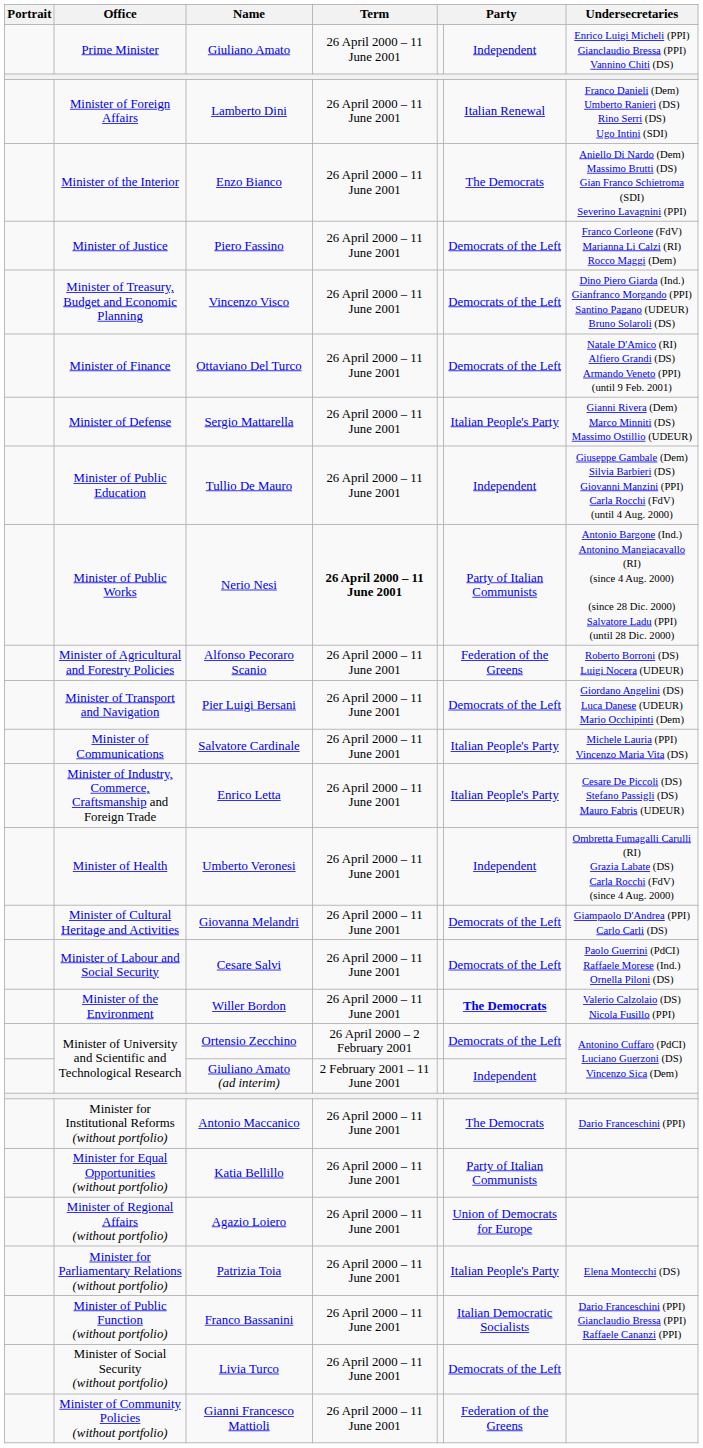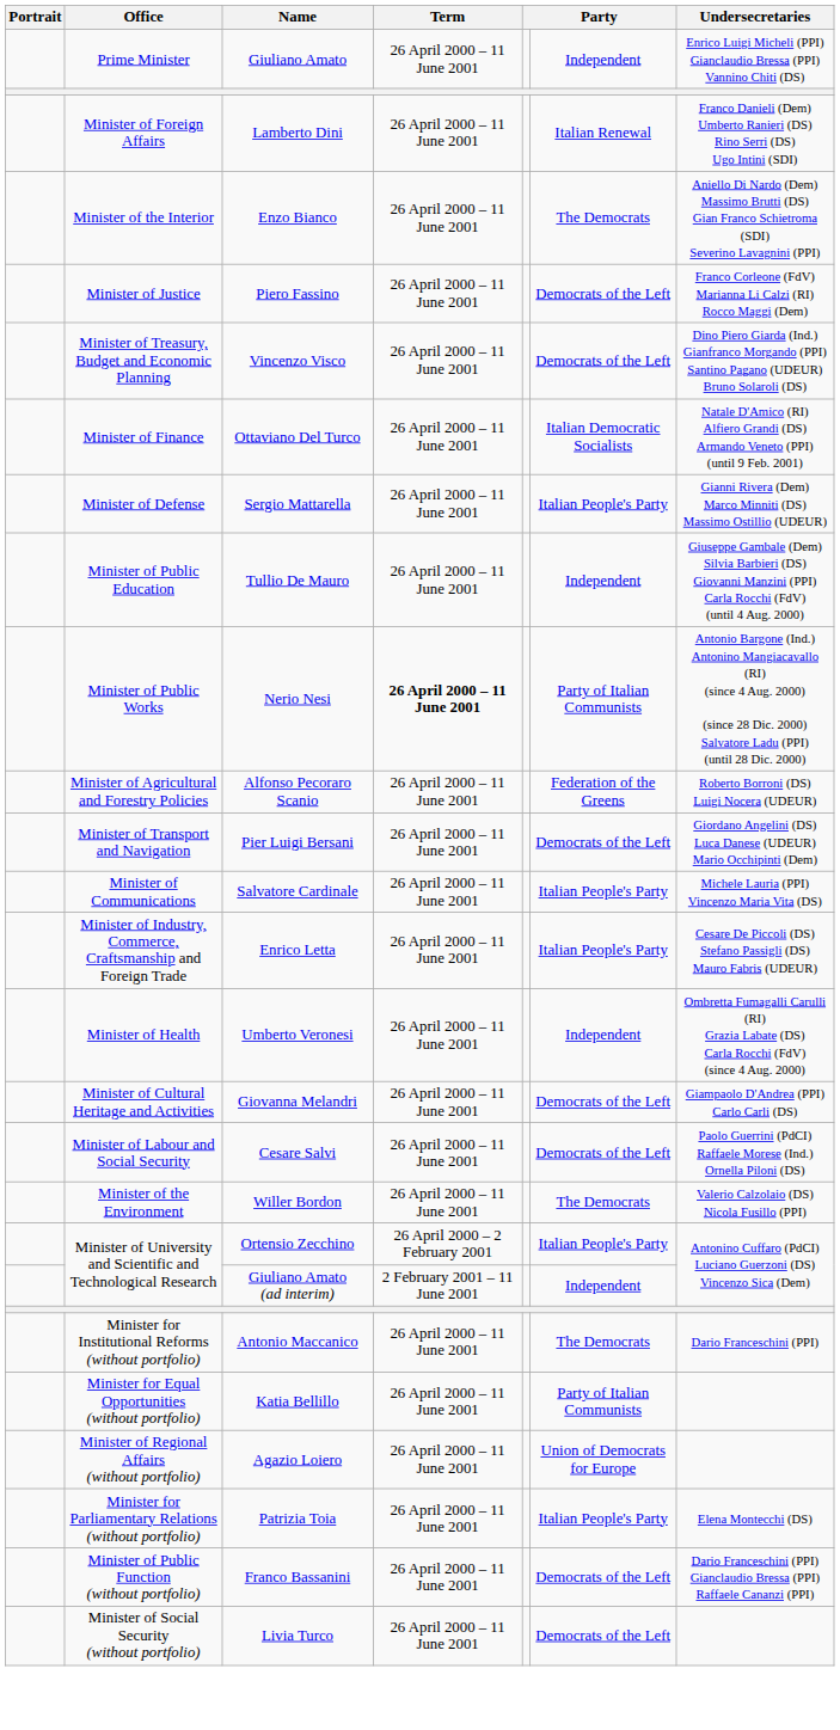 <table class="wikitable" style="text-align:center;">
 <tr>
 <th>Portrait</th>
 <th width=20%>Office</th>
 <th width=20%>Name</th>
 <th width=20%>Term</th>
 <th width=20% colspan=2>Party</th>
 <th width=20%>Undersecretaries</th>
 </tr>
 <tr>
 <td></td>
 <td><a href='#'>Prime Minister</a></td>
 <td><a href='#'>Giuliano Amato</a></td>
 <td>26 April 2000 – 11 June 2001</td>
 <td style="width:1%; background:"></td>
 <td><a href='#'>Independent</a></td>
 <td><small><a href='#'>Enrico Luigi Micheli</a> (PPI) <br><a href='#'>Gianclaudio Bressa</a> (PPI)<br> <a href='#'>Vannino Chiti</a> (DS)</small></td>
 </tr>
 <tr>
 <th colspan="7"></th>
 </tr>
 <tr>
 <td></td>
 <td><a href='#'>Minister of Foreign Affairs</a></td>
 <td><a href='#'>Lamberto Dini</a></td>
 <td>26 April 2000 – 11 June 2001</td>
 <td style="width:1%; background:"></td>
 <td><a href='#'>Italian Renewal</a></td>
 <td><small><a href='#'>Franco Danieli</a> (Dem)<br> <a href='#'>Umberto Ranieri</a> (DS)<br> <a href='#'>Rino Serri</a> (DS)<br> <a href='#'>Ugo Intini</a> (SDI)</small></td>
 </tr>
 <tr>
 <td></td>
 <td><a href='#'>Minister of the Interior</a></td>
 <td><a href='#'>Enzo Bianco</a></td>
 <td>26 April 2000 – 11 June 2001</td>
 <td style="width:1%; background:"></td>
 <td><a href='#'>The Democrats</a></td>
 <td><small><a href='#'>Aniello Di Nardo</a> (Dem)<br> <a href='#'>Massimo Brutti</a> (DS)<br> <a href='#'>Gian Franco Schietroma</a> (SDI)<br> <a href='#'>Severino Lavagnini</a> (PPI)</small></td>
 </tr>
 <tr>
 <td></td>
 <td><a href='#'>Minister of Justice</a></td>
 <td><a href='#'>Piero Fassino</a></td>
 <td>26 April 2000 – 11 June 2001</td>
 <td style="width:1%; background:"></td>
 <td><a href='#'>Democrats of the Left</a></td>
 <td><small><a href='#'>Franco Corleone</a> (FdV)<br> <a href='#'>Marianna Li Calzi</a> (RI)<br> <a href='#'>Rocco Maggi</a> (Dem)</small></td>
 </tr>
 <tr>
 <td></td>
 <td><a href='#'>Minister of Treasury, Budget and Economic Planning</a></td>
 <td><a href='#'>Vincenzo Visco</a></td>
 <td>26 April 2000 – 11 June 2001</td>
 <td style="width:1%; background:"></td>
 <td><a href='#'>Democrats of the Left</a></td>
 <td><small><a href='#'>Dino Piero Giarda</a> (Ind.)<br> <a href='#'>Gianfranco Morgando</a> (PPI)<br> <a href='#'>Santino Pagano</a> (UDEUR)<br> <a href='#'>Bruno Solaroli</a> (DS)</small></td>
 </tr>
 <tr>
 <td></td>
 <td><a href='#'>Minister of Finance</a></td>
 <td><a href='#'>Ottaviano Del Turco</a></td>
 <td>26 April 2000 – 11 June 2001</td>
 <td style="width:1%; background:"></td>
-<td><a href='#'>Democrats of the Left</a></td>
+<td><a href='#'>Italian Democratic Socialists</a></td>
 <td><small><a href='#'>Natale D'Amico</a> (RI)<br> <a href='#'>Alfiero Grandi</a> (DS)<br> <a href='#'>Armando Veneto</a> (PPI)<br>(until 9 Feb. 2001)</small></td>
 </tr>
 <tr>
 <td></td>
 <td><a href='#'>Minister of Defense</a></td>
 <td><a href='#'>Sergio Mattarella</a></td>
 <td>26 April 2000 – 11 June 2001</td>
 <td style="width:1%; background:"></td>
 <td><a href='#'>Italian People's Party</a></td>
 <td><small><a href='#'>Gianni Rivera</a> (Dem)<br> <a href='#'>Marco Minniti</a> (DS)<br> <a href='#'>Massimo Ostillio</a> (UDEUR)</small></td>
 </tr>
 <tr>
 <td></td>
 <td><a href='#'>Minister of Public Education</a></td>
 <td><a href='#'>Tullio De Mauro</a></td>
 <td>26 April 2000 – 11 June 2001</td>
 <td style="width:1%; background:"></td>
 <td><a href='#'>Independent</a></td>
 <td><small><a href='#'>Giuseppe Gambale</a> (Dem)<br> <a href='#'>Silvia Barbieri</a> (DS)<br> <a href='#'>Giovanni Manzini</a> (PPI)<br> <a href='#'>Carla Rocchi</a> (FdV)<br>(until 4 Aug. 2000)</small></td>
 </tr>
 <tr>
 <td></td>
 <td><a href='#'>Minister of Public Works</a></td>
 <td><a href='#'>Nerio Nesi</a></td>
 <td><strong>26 April 2000 – 11 June 2001</strong></td>
 <td style="width:1%; background:"></td>
 <td><a href='#'>Party of Italian Communists</a></td>
 <td><small><a href='#'>Antonio Bargone</a> (Ind.)<br> <a href='#'>Antonino Mangiacavallo</a> (RI)<br>(since 4 Aug. 2000)<br> <br>(since 28 Dic. 2000)<br> <a href='#'>Salvatore Ladu</a> (PPI)<br>(until 28 Dic. 2000)</small></td>
 </tr>
 <tr>
 <td></td>
 <td><a href='#'>Minister of Agricultural and Forestry Policies</a></td>
 <td><a href='#'>Alfonso Pecoraro Scanio</a></td>
 <td>26 April 2000 – 11 June 2001</td>
 <td style="width:1%; background:"></td>
 <td><a href='#'>Federation of the Greens</a></td>
 <td><small><a href='#'>Roberto Borroni</a> (DS)<br> <a href='#'>Luigi Nocera</a> (UDEUR)</small></td>
 </tr>
 <tr>
 <td></td>
 <td><a href='#'>Minister of Transport and Navigation</a></td>
 <td><a href='#'>Pier Luigi Bersani</a></td>
 <td>26 April 2000 – 11 June 2001</td>
 <td style="width:1%; background:"></td>
 <td><a href='#'>Democrats of the Left</a></td>
 <td><small><a href='#'>Giordano Angelini</a> (DS)<br> <a href='#'>Luca Danese</a> (UDEUR)<br> <a href='#'>Mario Occhipinti</a> (Dem)</small></td>
 </tr>
 <tr>
 <td></td>
 <td><a href='#'>Minister of Communications</a></td>
 <td><a href='#'>Salvatore Cardinale</a></td>
 <td>26 April 2000 – 11 June 2001</td>
 <td style="width:1%; background:"></td>
 <td><a href='#'>Italian People's Party</a></td>
 <td><small><a href='#'>Michele Lauria</a> (PPI)<br> <a href='#'>Vincenzo Maria Vita</a> (DS)</small></td>
 </tr>
 <tr>
 <td></td>
 <td><a href='#'>Minister of  Industry, Commerce, Craftsmanship</a> and Foreign Trade</td>
 <td><a href='#'>Enrico Letta</a></td>
 <td>26 April 2000 – 11 June 2001</td>
 <td style="width:1%; background:"></td>
 <td><a href='#'>Italian People's Party</a></td>
 <td><small><a href='#'>Cesare De Piccoli</a> (DS)<br> <a href='#'>Stefano Passigli</a> (DS)<br> <a href='#'>Mauro Fabris</a> (UDEUR)</small></td>
 </tr>
 <tr>
 <td></td>
 <td><a href='#'>Minister of Health</a></td>
 <td><a href='#'>Umberto Veronesi</a></td>
 <td>26 April 2000 – 11 June 2001</td>
 <td style="width:1%; background:"></td>
 <td><a href='#'>Independent</a></td>
 <td><small><a href='#'>Ombretta Fumagalli Carulli</a> (RI)<br> <a href='#'>Grazia Labate</a> (DS)<br> <a href='#'>Carla Rocchi</a> (FdV)<br>(since 4 Aug. 2000)</small></td>
 </tr>
 <tr>
 <td></td>
 <td><a href='#'>Minister of Cultural Heritage and Activities</a></td>
 <td><a href='#'>Giovanna Melandri</a></td>
 <td>26 April 2000 – 11 June 2001</td>
 <td style="width:1%; background:"></td>
 <td><a href='#'>Democrats of the Left</a></td>
 <td><small><a href='#'>Giampaolo D'Andrea</a> (PPI)<br> <a href='#'>Carlo Carli</a> (DS)</small></td>
 </tr>
 <tr>
 <td></td>
 <td><a href='#'>Minister of Labour and Social Security</a></td>
 <td><a href='#'>Cesare Salvi</a></td>
 <td>26 April 2000 – 11 June 2001</td>
 <td style="width:1%; background:"></td>
 <td><a href='#'>Democrats of the Left</a></td>
 <td><small><a href='#'>Paolo Guerrini</a> (PdCI)<br> <a href='#'>Raffaele Morese</a> (Ind.)<br> <a href='#'>Ornella Piloni</a> (DS)</small></td>
 </tr>
 <tr>
 <td></td>
 <td><a href='#'>Minister of the Environment</a></td>
 <td><a href='#'>Willer Bordon</a></td>
 <td>26 April 2000 – 11 June 2001</td>
 <td style="width:1%; background:"></td>
-<td><strong><a href='#'>The Democrats</a></strong></td>
+<td><a href='#'>The Democrats</a></td>
 <td><small><a href='#'>Valerio Calzolaio</a> (DS)<br> <a href='#'>Nicola Fusillo</a> (PPI)</small></td>
 </tr>
 <tr>
 <td></td>
 <td rowspan=2>Minister of University and Scientific and Technological Research</td>
 <td><a href='#'>Ortensio Zecchino</a></td>
 <td>26 April 2000 – 2 February 2001</td>
 <td style="width:1%; background:"></td>
-<td><a href='#'>Democrats of the Left</a></td>
+<td><a href='#'>Italian People's Party</a></td>
 <td rowspan=2><small><a href='#'>Antonino Cuffaro</a> (PdCI)<br> <a href='#'>Luciano Guerzoni</a> (DS)<br> <a href='#'>Vincenzo Sica</a> (Dem)</small></td>
 </tr>
 <tr>
 <td></td>
 <td><a href='#'>Giuliano Amato</a><br><em>(ad interim)</em></td>
 <td>2 February 2001 – 11 June 2001</td>
 <td style="width:1%; background:"></td>
 <td><a href='#'>Independent</a></td>
 </tr>
 <tr>
 <th colspan="7"></th>
 </tr>
 <tr>
 <td></td>
 <td>Minister for Institutional Reforms <br> <em>(without portfolio)</em></td>
 <td><a href='#'>Antonio Maccanico</a></td>
 <td>26 April 2000 – 11 June 2001</td>
 <td style="width:1%; background:"></td>
 <td><a href='#'>The Democrats</a></td>
 <td><small><a href='#'>Dario Franceschini</a> (PPI)</small></td>
 </tr>
 <tr>
 <td></td>
 <td><a href='#'>Minister for Equal Opportunities</a> <br> <em>(without portfolio)</em></td>
 <td><a href='#'>Katia Bellillo</a></td>
 <td>26 April 2000 – 11 June 2001</td>
 <td style="width:1%; background:"></td>
 <td><a href='#'>Party of Italian Communists</a></td>
 <td></td>
 </tr>
 <tr>
 <td></td>
 <td><a href='#'>Minister of Regional Affairs</a> <br> <em>(without portfolio)</em></td>
 <td><a href='#'>Agazio Loiero</a></td>
 <td>26 April 2000 – 11 June 2001</td>
 <td style="width:1%; background:"></td>
 <td><a href='#'>Union of Democrats for Europe</a></td>
 <td></td>
 </tr>
 <tr>
 <td></td>
 <td><a href='#'>Minister for Parliamentary Relations</a> <br> <em>(without portfolio)</em></td>
 <td><a href='#'>Patrizia Toia</a></td>
 <td>26 April 2000 – 11 June 2001</td>
 <td style="width:1%; background:"></td>
 <td><a href='#'>Italian People's Party</a></td>
 <td><small><a href='#'>Elena Montecchi</a> (DS)</small></td>
 </tr>
 <tr>
 <td></td>
 <td><a href='#'>Minister of Public Function</a> <br> <em>(without portfolio)</em></td>
 <td><a href='#'>Franco Bassanini</a></td>
 <td>26 April 2000 – 11 June 2001</td>
 <td style="width:1%; background:"></td>
-<td><a href='#'>Italian Democratic Socialists</a></td>
+<td><a href='#'>Democrats of the Left</a></td>
 <td><small><a href='#'>Dario Franceschini</a> (PPI) <br> <a href='#'>Gianclaudio Bressa</a> (PPI) <br> <a href='#'>Raffaele Cananzi</a> (PPI)</small></td>
 </tr>
 <tr>
 <td></td>
 <td>Minister of Social Security <br> <em>(without portfolio)</em></td>
 <td><a href='#'>Livia Turco</a></td>
 <td>26 April 2000 – 11 June 2001</td>
 <td style="width:1%; background:"></td>
 <td><a href='#'>Democrats of the Left</a></td>
 <td></td>
 </tr>
-<tr>
-<td></td>
-<td><a href='#'>Minister of Community Policies</a> <br> <em>(without portfolio)</em></td>
-<td><a href='#'>Gianni Francesco Mattioli</a></td>
-<td>26 April 2000 – 11 June 2001</td>
-<td style="width:1%; background:"></td>
-<td><a href='#'>Federation of the Greens</a></td>
-<td></td>
-</tr>
 </table>
